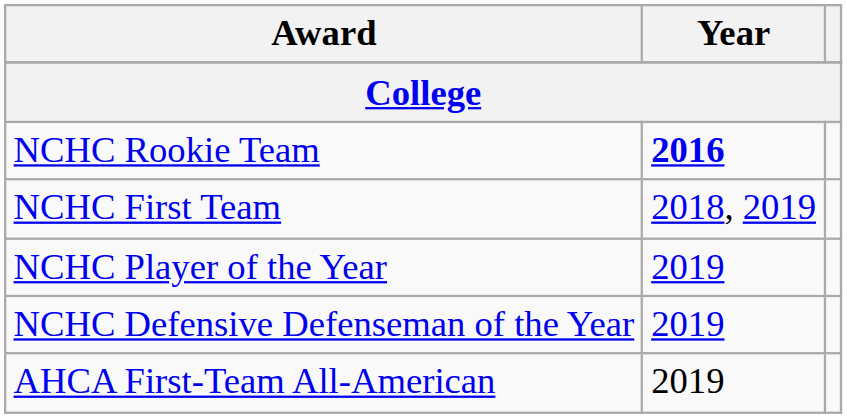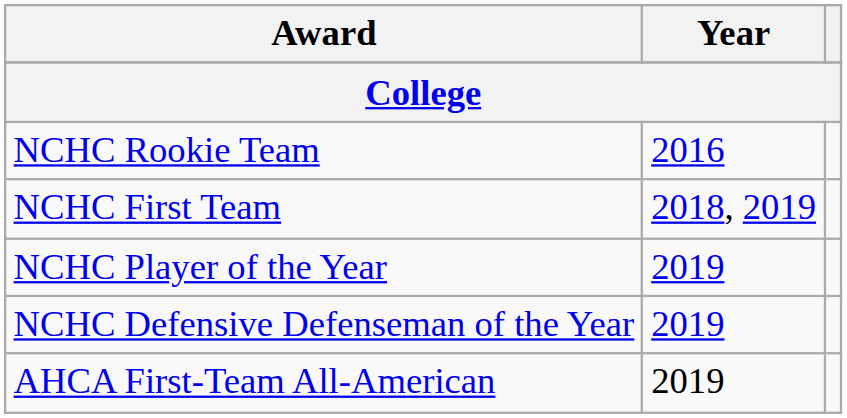 <table class="wikitable">
 <tr>
 <th>Award</th>
 <th>Year</th>
 <th><br></th>
 </tr>
 <tr>
 </tr>
 <tr>
 </tr>
 <tr>
 <th colspan="3"><a href='#'>College</a></th>
 </tr>
 <tr>
 <td><a href='#'>NCHC Rookie Team</a></td>
-<td><strong><a href='#'>2016</a></strong></td>
+<td><a href='#'>2016</a></td>
 <td></td>
 </tr>
 <tr>
 <td><a href='#'>NCHC First Team</a></td>
 <td><a href='#'>2018</a>, <a href='#'>2019</a></td>
 <td></td>
 </tr>
 <tr>
 <td><a href='#'>NCHC Player of the Year</a></td>
 <td><a href='#'>2019</a></td>
 <td></td>
 </tr>
 <tr>
 <td><a href='#'>NCHC Defensive Defenseman of the Year</a></td>
 <td><a href='#'>2019</a></td>
 <td></td>
 </tr>
 <tr>
 <td><a href='#'>AHCA First-Team All-American</a></td>
 <td>2019</td>
 <td></td>
 </tr>
 </table>
